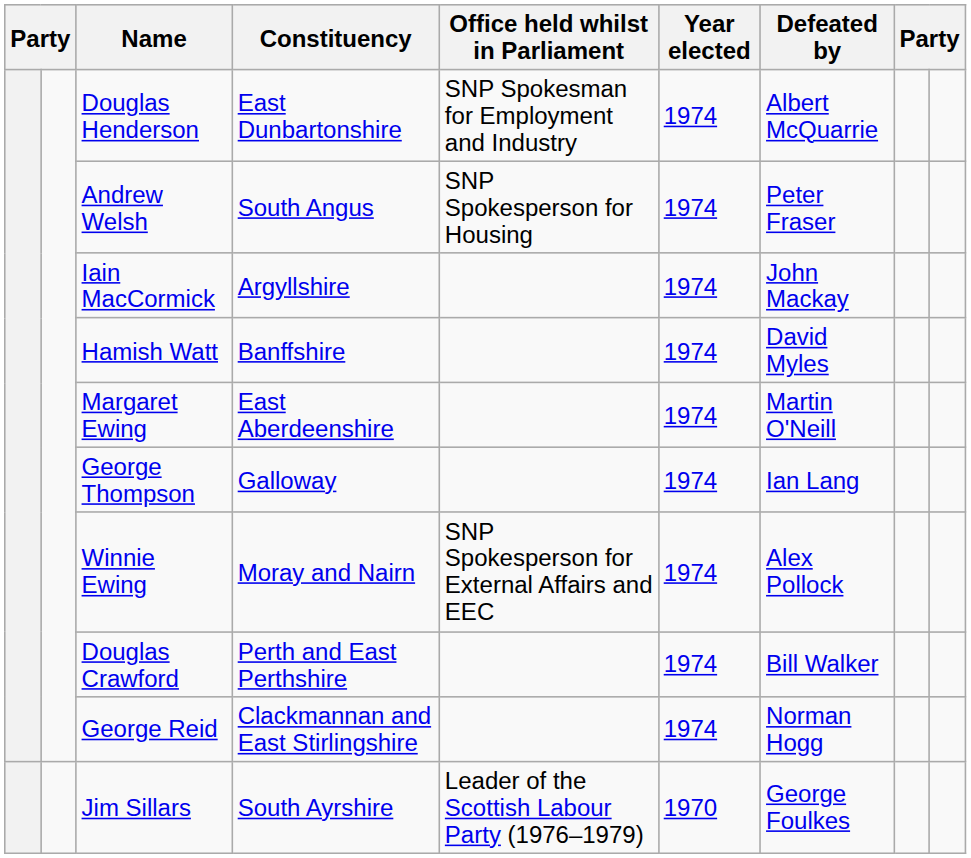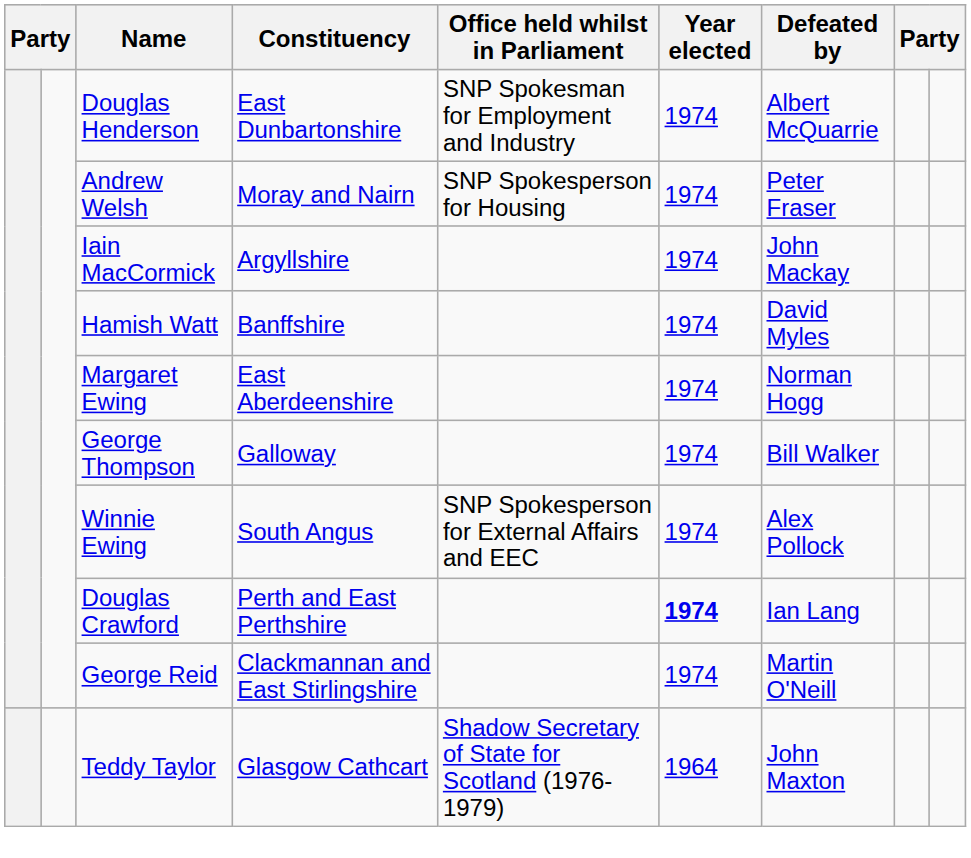 <table class="wikitable sortable" style="font-size: 95%;">
 <tr>
 <th colspan="2">Party</th>
 <th>Name</th>
 <th>Constituency</th>
 <th>Office held whilst in Parliament</th>
 <th>Year elected</th>
 <th>Defeated by</th>
 <th colspan="2">Party</th>
 </tr>
 <tr>
 <th rowspan=9 style="background-color: "></th>
 <td rowspan=9></td>
 <td><a href='#'>Douglas Henderson</a></td>
 <td><a href='#'>East Dunbartonshire</a></td>
 <td>SNP Spokesman for Employment and Industry</td>
 <td><a href='#'>1974</a></td>
 <td><a href='#'>Albert McQuarrie</a></td>
 <td style="background-color: "></td>
 <td></td>
 </tr>
 <tr>
 <td><a href='#'>Andrew Welsh</a></td>
-<td><a href='#'>South Angus</a></td>
+<td><a href='#'>Moray and Nairn</a></td>
 <td>SNP Spokesperson for Housing</td>
 <td><a href='#'>1974</a></td>
 <td><a href='#'>Peter Fraser</a></td>
 <td style="background-color: "></td>
 <td></td>
 </tr>
 <tr>
 <td><a href='#'>Iain MacCormick</a></td>
 <td><a href='#'>Argyllshire</a></td>
 <td></td>
 <td><a href='#'>1974</a></td>
 <td><a href='#'>John Mackay</a></td>
 <td style="background-color: "></td>
 <td></td>
 </tr>
 <tr>
 <td><a href='#'>Hamish Watt</a></td>
 <td><a href='#'>Banffshire</a></td>
 <td></td>
 <td><a href='#'>1974</a></td>
 <td><a href='#'>David Myles</a></td>
 <td style="background-color: "></td>
 <td></td>
 </tr>
 <tr>
 <td><a href='#'>Margaret Ewing</a></td>
 <td><a href='#'>East Aberdeenshire</a></td>
 <td></td>
 <td><a href='#'>1974</a></td>
-<td><a href='#'>Martin O'Neill</a></td>
+<td><a href='#'>Norman Hogg</a></td>
 <td style="background-color: "></td>
 <td></td>
 </tr>
 <tr>
 <td><a href='#'>George Thompson</a></td>
 <td><a href='#'>Galloway</a></td>
 <td></td>
 <td><a href='#'>1974</a></td>
-<td><a href='#'>Ian Lang</a></td>
+<td><a href='#'>Bill Walker</a></td>
 <td style="background-color: "></td>
 <td></td>
 </tr>
 <tr>
 <td><a href='#'>Winnie Ewing</a></td>
-<td><a href='#'>Moray and Nairn</a></td>
+<td><a href='#'>South Angus</a></td>
 <td>SNP Spokesperson for External Affairs and EEC</td>
 <td><a href='#'>1974</a></td>
 <td><a href='#'>Alex Pollock</a></td>
 <td style="background-color: "></td>
 <td></td>
 </tr>
 <tr>
 <td><a href='#'>Douglas Crawford</a></td>
 <td><a href='#'>Perth and East Perthshire</a></td>
 <td></td>
-<td><a href='#'>1974</a></td>
-<td><a href='#'>Bill Walker</a></td>
+<td><strong><a href='#'>1974</a></strong></td>
+<td><a href='#'>Ian Lang</a></td>
 <td style="background-color: "></td>
 <td></td>
 </tr>
 <tr>
 <td><a href='#'>George Reid</a></td>
 <td><a href='#'>Clackmannan and East Stirlingshire</a></td>
 <td></td>
 <td><a href='#'>1974</a></td>
-<td><a href='#'>Norman Hogg</a></td>
+<td><a href='#'>Martin O'Neill</a></td>
 <td style="background-color: "></td>
 <td></td>
 </tr>
 <tr>
 <th rowspan=1 style="background-color: "></th>
 <td rowspan=1></td>
-<td><a href='#'>Jim Sillars</a></td>
-<td><a href='#'>South Ayrshire</a></td>
-<td>Leader of the <a href='#'>Scottish Labour Party</a> (1976–1979)</td>
-<td><a href='#'>1970</a></td>
-<td><a href='#'>George Foulkes</a></td>
+<td><a href='#'>Teddy Taylor</a></td>
+<td><a href='#'>Glasgow Cathcart</a></td>
+<td><a href='#'>Shadow Secretary of State for Scotland</a> (1976-1979)</td>
+<td><a href='#'>1964</a></td>
+<td><a href='#'>John Maxton</a></td>
 <td style="background-color: "></td>
 <td></td>
 </tr>
 </table>
